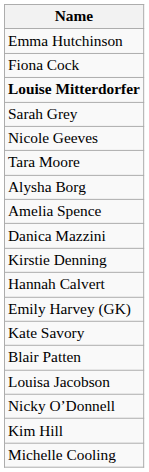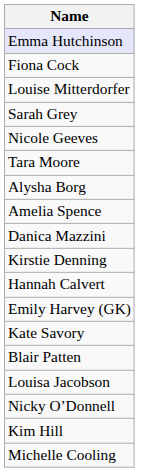 <table class="wikitable">
 <tr>
 <th>Name</th>
 </tr>
 <tr>
-<td>Emma Hutchinson</td>
+<td style="background: lavender;">Emma Hutchinson</td>
 </tr>
 <tr>
 <td>Fiona Cock</td>
 </tr>
 <tr>
-<td><strong>Louise Mitterdorfer</strong></td>
+<td>Louise Mitterdorfer</td>
 </tr>
 <tr>
 <td>Sarah Grey</td>
 </tr>
 <tr>
 <td>Nicole Geeves</td>
 </tr>
 <tr>
 <td>Tara Moore</td>
 </tr>
 <tr>
 <td>Alysha Borg</td>
 </tr>
 <tr>
 <td>Amelia Spence</td>
 </tr>
 <tr>
 <td>Danica Mazzini</td>
 </tr>
 <tr>
 <td>Kirstie Denning</td>
 </tr>
 <tr>
 <td>Hannah Calvert</td>
 </tr>
 <tr>
 <td>Emily Harvey (GK)</td>
 </tr>
 <tr>
 <td>Kate Savory</td>
 </tr>
 <tr>
 <td>Blair Patten</td>
 </tr>
 <tr>
 <td>Louisa Jacobson</td>
 </tr>
 <tr>
 <td>Nicky O’Donnell</td>
 </tr>
 <tr>
 <td>Kim Hill</td>
 </tr>
 <tr>
 <td>Michelle Cooling</td>
 </tr>
 </table>
